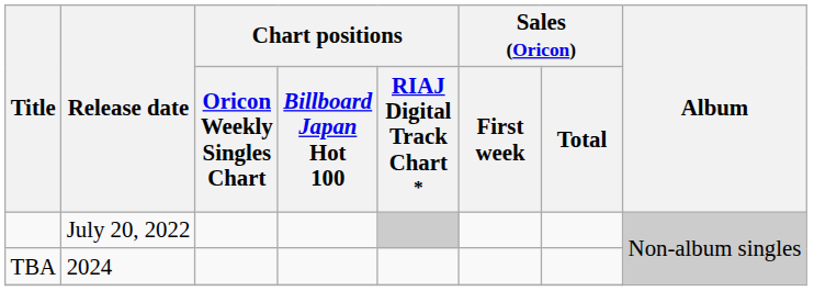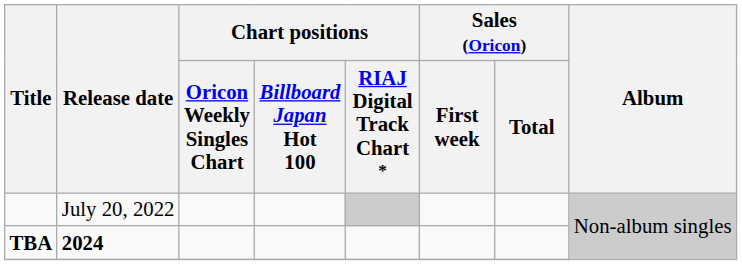 <table class="wikitable">
 <tr>
 <th rowspan="2">Title</th>
 <th rowspan="2">Release date</th>
 <th colspan="3">Chart positions</th>
 <th colspan="2">Sales<br><small>(<a href='#'>Oricon</a>)</small></th>
 <th rowspan="2">Album</th>
 </tr>
 <tr>
 <th width="50"><a href='#'>Oricon</a><br>Weekly<br>Singles<br>Chart</th>
 <th width="50"><em><a href='#'>Billboard<br>Japan</a></em><br>Hot<br>100<br></th>
 <th width="50"><a href='#'>RIAJ</a><br>Digital<br>Track<br>Chart<br><sup>*</sup></th>
 <th width="50">First<br>week</th>
 <th width="50">Total</th>
 </tr>
 <tr>
 <td></td>
 <td>July 20, 2022</td>
 <td style="text-align:center;"></td>
 <td style="text-align:center;"></td>
 <td style="background:#ccc;"></td>
 <td style="text-align:right;"></td>
 <td style="text-align:right;"></td>
 <td rowspan="4" style="background:#ccc;">Non-album singles</td>
 </tr>
 <tr>
-<td>TBA</td>
-<td>2024</td>
+<td><strong>TBA</strong></td>
+<td><strong>2024</strong></td>
 <td></td>
 <td></td>
 <td></td>
 <td></td>
 <td></td>
 </tr>
 <tr>
 </tr>
 <tr>
 </tr>
 </table>
